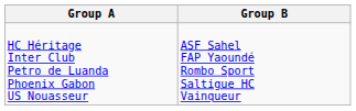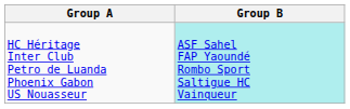 <table class="wikitable">
 <tr>
 <th width=195px>Group A</th>
 <th width=195px>Group B</th>
 </tr>
 <tr>
 <td valign=top><br> <a href='#'>HC Héritage</a><br>  <a href='#'>Inter Club</a><br>  <a href='#'>Petro de Luanda</a><br>  <a href='#'>Phoenix Gabon</a><br>  <a href='#'>US Nouasseur</a></td>
-<td valign=top><br> <a href='#'>ASF Sahel</a><br>  <a href='#'>FAP Yaoundé</a><br>  <a href='#'>Rombo Sport</a><br>  <a href='#'>Saltigue HC</a><br>  <a href='#'>Vainqueur</a></td>
+<td valign=top style="background: paleturquoise;"><br> <a href='#'>ASF Sahel</a><br>  <a href='#'>FAP Yaoundé</a><br>  <a href='#'>Rombo Sport</a><br>  <a href='#'>Saltigue HC</a><br>  <a href='#'>Vainqueur</a></td>
 </tr>
 </table>
